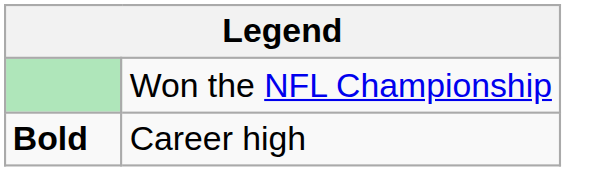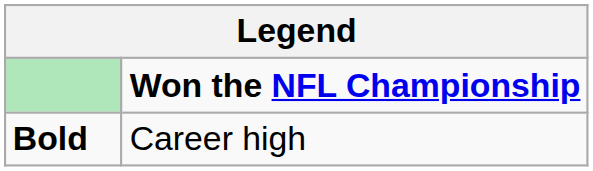 <table class="wikitable mw-collapsible">
 <tr>
 <th colspan="2">Legend</th>
 </tr>
 <tr>
 <td style="background:#afe6ba; width:3em;"></td>
-<td>Won the <a href='#'>NFL Championship</a></td>
+<td><strong>Won the <a href='#'>NFL Championship</a></strong></td>
 </tr>
 <tr>
 <td><strong>Bold</strong></td>
 <td>Career high</td>
 </tr>
 </table>
